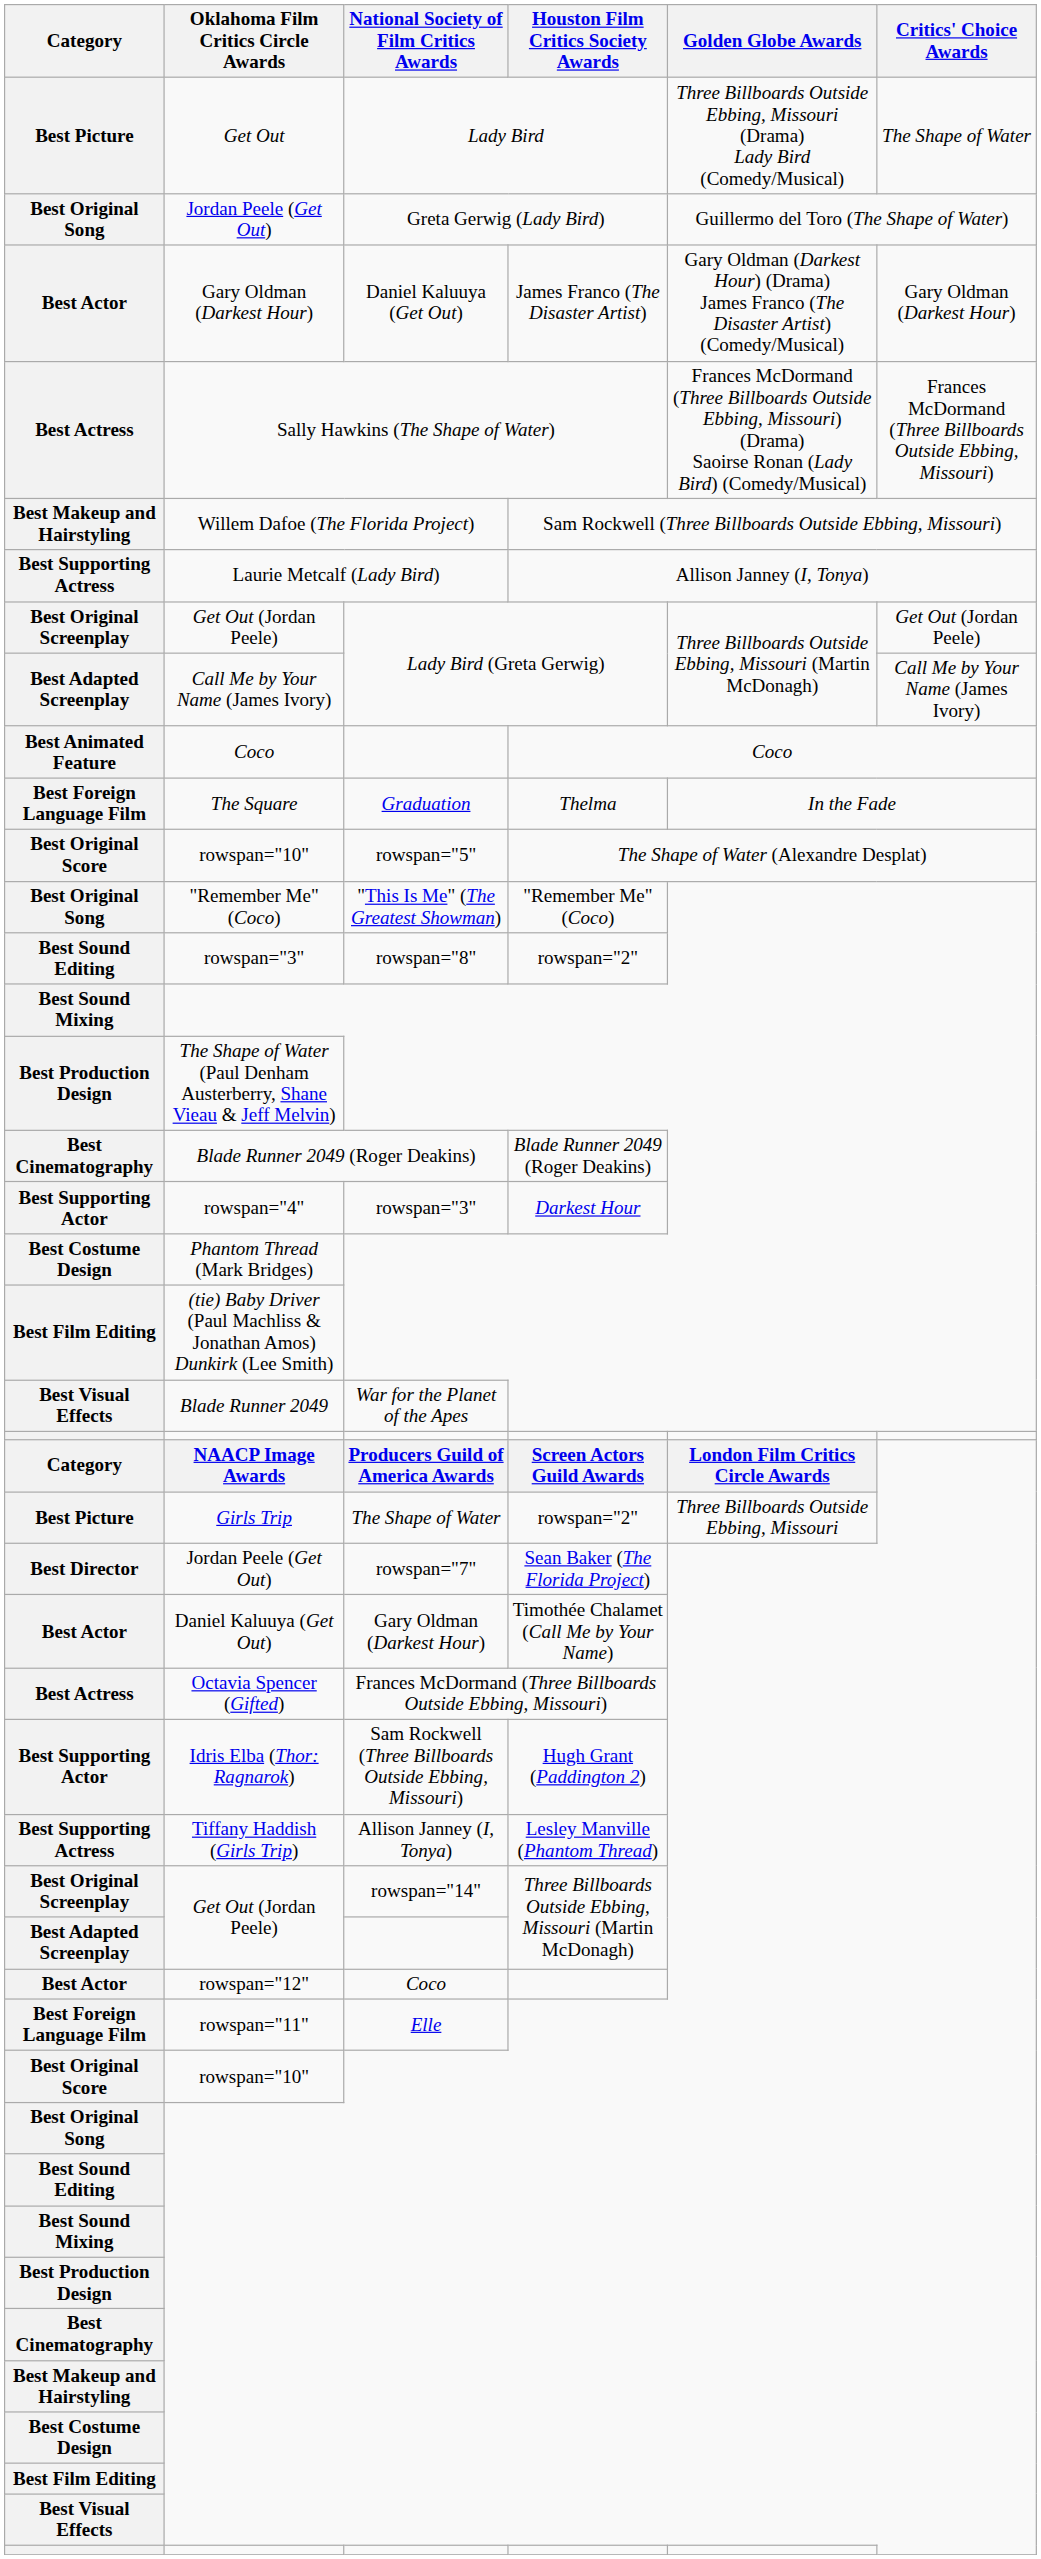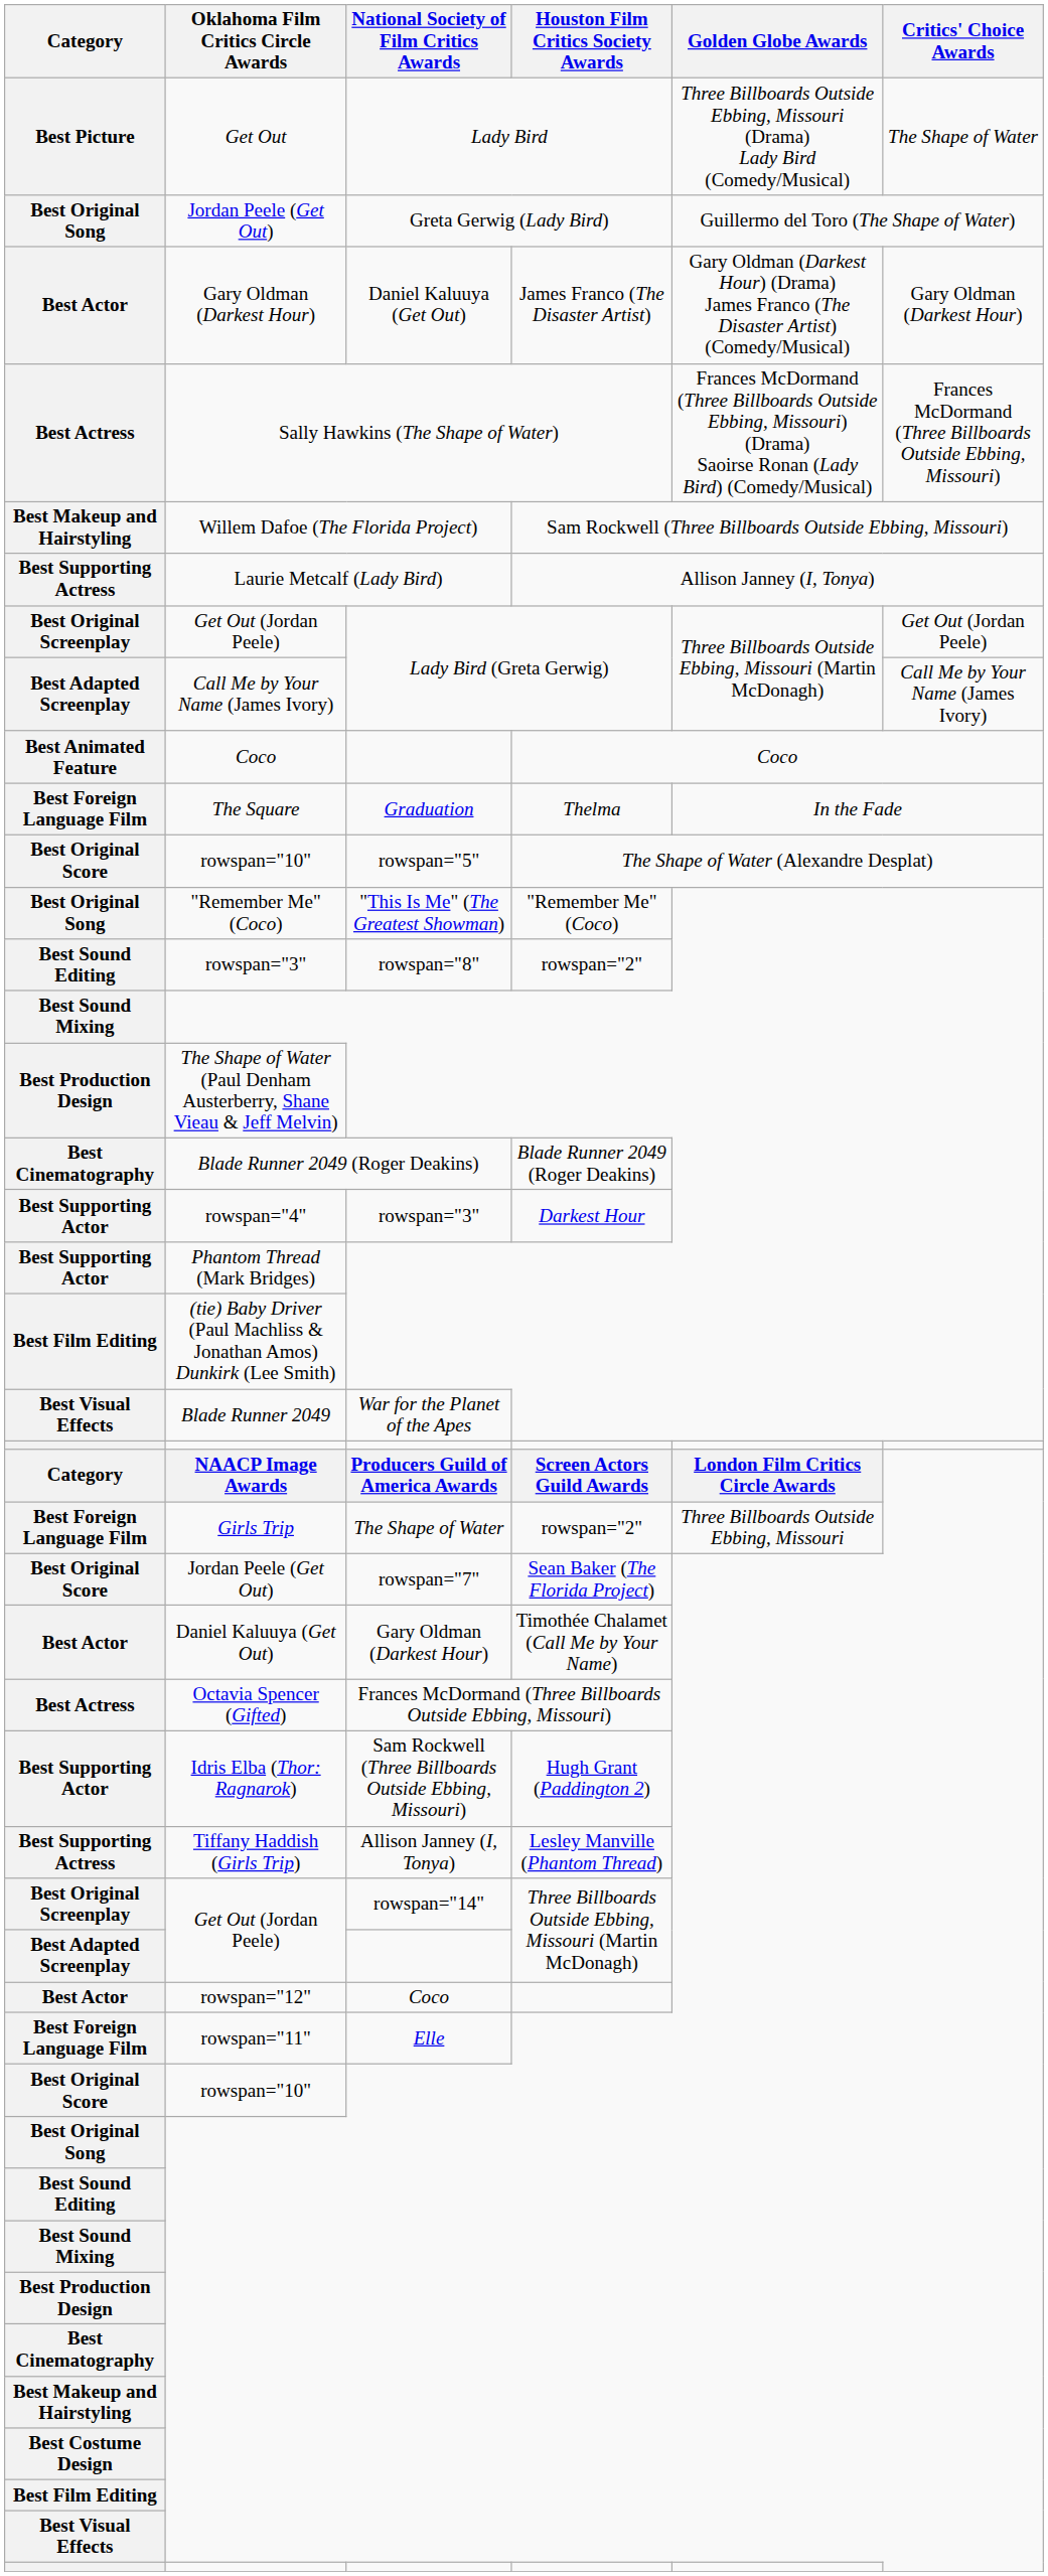 <table class="wikitable" style="text-align:center">
 <tr>
 <th>Category</th>
 <th>Oklahoma Film Critics Circle Awards</th>
 <th><a href='#'>National Society of Film Critics Awards</a></th>
 <th><a href='#'>Houston Film Critics Society Awards</a></th>
 <th><a href='#'>Golden Globe Awards</a></th>
 <th><a href='#'>Critics' Choice Awards</a></th>
 </tr>
 <tr>
 <th scope="row">Best Picture</th>
 <td><em>Get Out</em></td>
 <td colspan="2"><em>Lady Bird</em></td>
 <td><em>Three Billboards Outside Ebbing, Missouri</em> (Drama)<br><em>Lady Bird</em> (Comedy/Musical)</td>
 <td><em>The Shape of Water</em></td>
 </tr>
 <tr>
 <th scope="row">Best Original Song</th>
 <td><a href='#'>Jordan Peele</a> (<em><a href='#'>Get Out</a></em>)</td>
 <td colspan="2">Greta Gerwig (<em>Lady Bird</em>)</td>
 <td colspan="2">Guillermo del Toro (<em>The Shape of Water</em>)</td>
 </tr>
 <tr>
 <th scope="row">Best Actor</th>
 <td>Gary Oldman (<em>Darkest Hour</em>)</td>
 <td>Daniel Kaluuya (<em>Get Out</em>)</td>
 <td>James Franco (<em>The Disaster Artist</em>)</td>
 <td>Gary Oldman (<em>Darkest Hour</em>) (Drama)<br>James Franco (<em>The Disaster Artist</em>) (Comedy/Musical)</td>
 <td>Gary Oldman (<em>Darkest Hour</em>)</td>
 </tr>
 <tr>
 <th scope="row">Best Actress</th>
 <td colspan="3">Sally Hawkins (<em>The Shape of Water</em>)</td>
 <td>Frances McDormand (<em>Three Billboards Outside Ebbing, Missouri</em>) (Drama)<br>Saoirse Ronan (<em>Lady Bird</em>) (Comedy/Musical)</td>
 <td>Frances McDormand (<em>Three Billboards Outside Ebbing, Missouri</em>)</td>
 </tr>
 <tr>
 <th scope="row">Best Makeup and Hairstyling</th>
 <td colspan="2">Willem Dafoe (<em>The Florida Project</em>)</td>
 <td colspan="3">Sam Rockwell (<em>Three Billboards Outside Ebbing, Missouri</em>)</td>
 </tr>
 <tr>
 <th scope="row">Best Supporting Actress</th>
 <td colspan="2">Laurie Metcalf (<em>Lady Bird</em>)</td>
 <td colspan="3">Allison Janney (<em>I, Tonya</em>)</td>
 </tr>
 <tr>
 <th scope="row">Best Original Screenplay</th>
 <td><em>Get Out</em> (Jordan Peele)</td>
 <td rowspan="2" colspan="2"><em>Lady Bird</em> (Greta Gerwig)</td>
 <td rowspan="2"><em>Three Billboards Outside Ebbing, Missouri</em> (Martin McDonagh)</td>
 <td><em>Get Out</em> (Jordan Peele)</td>
 </tr>
 <tr>
 <th scope="row">Best Adapted Screenplay</th>
 <td><em>Call Me by Your Name</em> (James Ivory)</td>
 <td><em>Call Me by Your Name</em> (James Ivory)</td>
 </tr>
 <tr>
 <th scope="row">Best Animated Feature</th>
 <td><em>Coco</em></td>
 <td></td>
 <td colspan="3"><em>Coco</em></td>
 </tr>
 <tr>
 <th scope="row">Best Foreign Language Film</th>
 <td><em>The Square</em></td>
 <td><em><a href='#'>Graduation</a></em></td>
 <td><em>Thelma</em></td>
 <td colspan="2"><em>In the Fade</em></td>
 </tr>
 <tr>
 <th scope="row">Best Original Score</th>
 <td>rowspan="10" </td>
 <td>rowspan="5" </td>
 <td colspan="3"><em>The Shape of Water</em> (Alexandre Desplat)</td>
 </tr>
 <tr>
 <th scope="row">Best Original Song</th>
 <td>"Remember Me" (<em>Coco</em>)</td>
 <td>"<a href='#'>This Is Me</a>" (<em><a href='#'>The Greatest Showman</a></em>)</td>
 <td>"Remember Me" (<em>Coco</em>)</td>
 </tr>
 <tr>
 <th scope="row">Best Sound Editing</th>
 <td>rowspan="3" </td>
 <td>rowspan="8" </td>
 <td>rowspan="2" </td>
 </tr>
 <tr>
 <th scope="row">Best Sound Mixing</th>
 </tr>
 <tr>
 <th scope="row">Best Production Design</th>
 <td><em>The Shape of Water</em> (Paul Denham Austerberry, <a href='#'>Shane Vieau</a> & <a href='#'>Jeff Melvin</a>)</td>
 </tr>
 <tr>
 <th scope="row">Best Cinematography</th>
 <td colspan="2"><em>Blade Runner 2049</em> (Roger Deakins)</td>
 <td><em>Blade Runner 2049</em> (Roger Deakins)</td>
 </tr>
 <tr>
 <th scope="row">Best Supporting Actor</th>
 <td>rowspan="4" </td>
 <td>rowspan="3" </td>
 <td><em><a href='#'>Darkest Hour</a></em></td>
 </tr>
 <tr>
-<th scope="row">Best Costume Design</th>
+<th scope="row">Best Supporting Actor</th>
 <td><em>Phantom Thread</em> (Mark Bridges)</td>
 </tr>
 <tr>
 <th scope="row">Best Film Editing</th>
 <td><em>(tie)</em> <em>Baby Driver</em> (Paul Machliss & Jonathan Amos)<br><em>Dunkirk</em> (Lee Smith)</td>
 </tr>
 <tr>
 <th scope="row">Best Visual Effects</th>
 <td><em>Blade Runner 2049</em></td>
 <td><em>War for the Planet of the Apes</em></td>
 </tr>
 <tr>
 <th scope="row"></th>
 <td></td>
 <td></td>
 <td></td>
 <td></td>
 <td></td>
 </tr>
 <tr>
 <th>Category</th>
 <th><a href='#'>NAACP Image Awards</a></th>
 <th><a href='#'>Producers Guild of America Awards</a></th>
 <th><a href='#'>Screen Actors Guild Awards</a></th>
 <th><a href='#'>London Film Critics Circle Awards</a></th>
 </tr>
 <tr>
-<th scope="row">Best Picture</th>
+<th scope="row">Best Foreign Language Film</th>
 <td><em><a href='#'>Girls Trip</a></em></td>
 <td><em>The Shape of Water</em></td>
 <td>rowspan="2" </td>
 <td><em>Three Billboards Outside Ebbing, Missouri</em></td>
 </tr>
 <tr>
-<th scope="row">Best Director</th>
+<th scope="row">Best Original Score</th>
 <td>Jordan Peele (<em>Get Out</em>)</td>
 <td>rowspan="7" </td>
 <td><a href='#'>Sean Baker</a> (<em><a href='#'>The Florida Project</a></em>)</td>
 </tr>
 <tr>
 <th scope="row">Best Actor</th>
 <td>Daniel Kaluuya (<em>Get Out</em>)</td>
 <td>Gary Oldman (<em>Darkest Hour</em>)</td>
 <td>Timothée Chalamet (<em>Call Me by Your Name</em>)</td>
 </tr>
 <tr>
 <th scope="row">Best Actress</th>
 <td><a href='#'>Octavia Spencer</a> (<em><a href='#'>Gifted</a></em>)</td>
 <td colspan="2">Frances McDormand (<em>Three Billboards Outside Ebbing, Missouri</em>)</td>
 </tr>
 <tr>
 <th scope="row">Best Supporting Actor</th>
 <td><a href='#'>Idris Elba</a> (<em><a href='#'>Thor: Ragnarok</a></em>)</td>
 <td>Sam Rockwell (<em>Three Billboards Outside Ebbing, Missouri</em>)</td>
 <td><a href='#'>Hugh Grant</a> (<em><a href='#'>Paddington 2</a></em>)</td>
 </tr>
 <tr>
 <th scope="row">Best Supporting Actress</th>
 <td><a href='#'>Tiffany Haddish</a> (<em><a href='#'>Girls Trip</a></em>)</td>
 <td>Allison Janney (<em>I, Tonya</em>)</td>
 <td><a href='#'>Lesley Manville</a> (<em><a href='#'>Phantom Thread</a></em>)</td>
 </tr>
 <tr>
 <th scope="row">Best Original Screenplay</th>
 <td rowspan="2"><em>Get Out</em> (Jordan Peele)</td>
 <td>rowspan="14" </td>
 <td rowspan="2"><em>Three Billboards Outside Ebbing, Missouri</em> (Martin McDonagh)</td>
 </tr>
 <tr>
 <th scope="row">Best Adapted Screenplay</th>
 </tr>
 <tr>
 <th scope="row">Best Actor</th>
 <td>rowspan="12" </td>
 <td><em>Coco</em></td>
 <td></td>
 </tr>
 <tr>
 <th scope="row">Best Foreign Language Film</th>
 <td>rowspan="11" </td>
 <td><em><a href='#'>Elle</a></em></td>
 </tr>
 <tr>
 <th scope="row">Best Original Score</th>
 <td>rowspan="10" </td>
 </tr>
 <tr>
 <th scope="row">Best Original Song</th>
 </tr>
 <tr>
 <th scope="row">Best Sound Editing</th>
 </tr>
 <tr>
 <th scope="row">Best Sound Mixing</th>
 </tr>
 <tr>
 <th scope="row">Best Production Design</th>
 </tr>
 <tr>
 <th scope="row">Best Cinematography</th>
 </tr>
 <tr>
 <th scope="row">Best Makeup and Hairstyling</th>
 </tr>
 <tr>
 <th scope="row">Best Costume Design</th>
 </tr>
 <tr>
 <th scope="row">Best Film Editing</th>
 </tr>
 <tr>
 <th scope="row">Best Visual Effects</th>
 </tr>
 <tr>
 <th scope="row"></th>
 <td></td>
 <td></td>
 <td></td>
 <td></td>
 </tr>
 </table>
